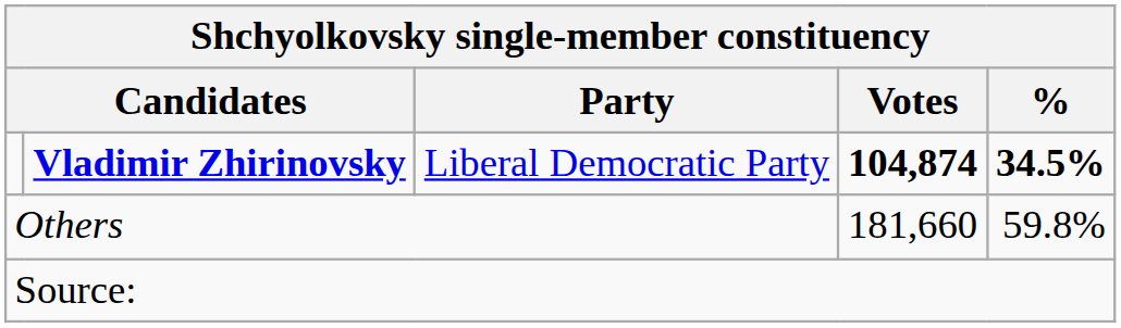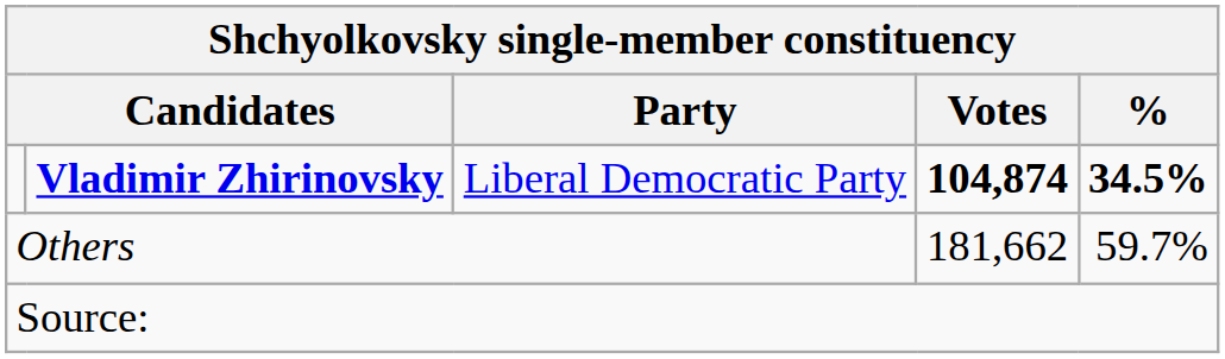 <table class=wikitable style=text-align:right>
 <tr>
 <th colspan=5>Shchyolkovsky single-member constituency</th>
 </tr>
 <tr>
 <th colspan=2>Candidates</th>
 <th>Party</th>
 <th>Votes</th>
 <th>%</th>
 </tr>
 <tr>
 <td style="background:"></td>
 <td align=left><strong><a href='#'>Vladimir Zhirinovsky</a></strong></td>
 <td align=left><a href='#'>Liberal Democratic Party</a></td>
 <td><strong>104,874</strong></td>
 <td><strong>34.5%</strong></td>
 </tr>
 <tr>
 <td colspan=3 align="left"><em>Others</em></td>
-<td>181,660</td>
-<td>59.8%</td>
+<td>181,662</td>
+<td>59.7%</td>
 </tr>
 <tr>
 <td align=left colspan=5>Source:  </td>
 </tr>
 </table>
